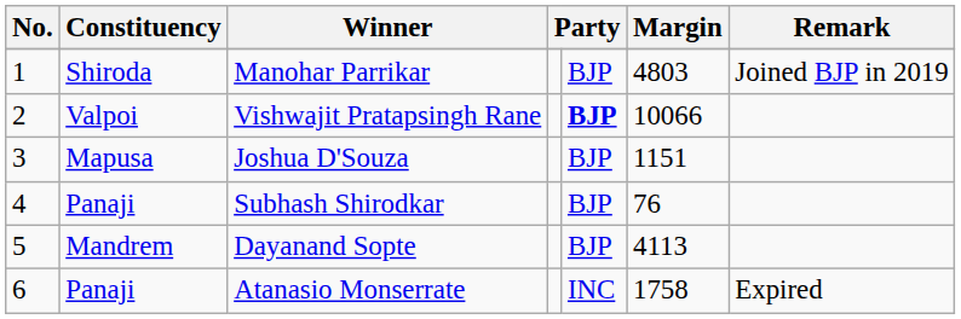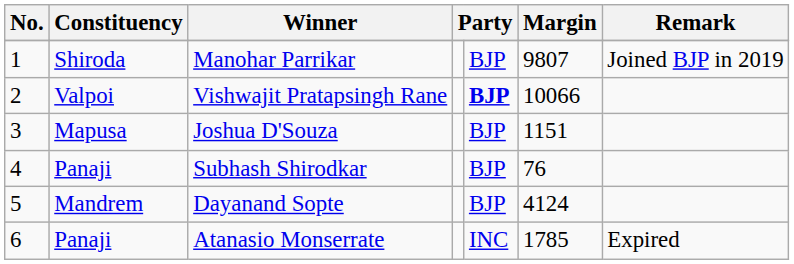 <table class="wikitable sortable" border="1">
 <tr>
 <th>No.</th>
 <th>Constituency</th>
 <th>Winner</th>
 <th colspan="2">Party</th>
 <th>Margin</th>
 <th>Remark</th>
 </tr>
 <tr>
 </tr>
 <tr>
 <td>1</td>
 <td><a href='#'>Shiroda</a></td>
 <td><a href='#'>Manohar Parrikar</a></td>
 <td style="color:inherit;background:"></td>
 <td><a href='#'>BJP</a></td>
-<td>4803</td>
+<td>9807</td>
 <td>Joined <a href='#'>BJP</a> in 2019</td>
 </tr>
 <tr>
 <td>2</td>
 <td><a href='#'>Valpoi</a></td>
 <td><a href='#'>Vishwajit Pratapsingh Rane</a></td>
 <td style="color:inherit;background:"></td>
 <td><strong><a href='#'>BJP</a></strong></td>
 <td>10066</td>
 <td></td>
 </tr>
 <tr>
 <td>3</td>
 <td><a href='#'>Mapusa</a></td>
 <td><a href='#'>Joshua D'Souza</a></td>
 <td style="color:inherit;background:"></td>
 <td><a href='#'>BJP</a></td>
 <td>1151</td>
 <td></td>
 </tr>
 <tr>
 <td>4</td>
 <td><a href='#'>Panaji</a></td>
 <td><a href='#'>Subhash Shirodkar</a></td>
 <td style="color:inherit;background:"></td>
 <td><a href='#'>BJP</a></td>
 <td>76</td>
 <td></td>
 </tr>
 <tr>
 <td>5</td>
 <td><a href='#'>Mandrem</a></td>
 <td><a href='#'>Dayanand Sopte</a></td>
 <td style="color:inherit;background:"></td>
 <td><a href='#'>BJP</a></td>
-<td>4113</td>
+<td>4124</td>
 <td></td>
 </tr>
 <tr>
 <td>6</td>
 <td><a href='#'>Panaji</a></td>
 <td><a href='#'>Atanasio Monserrate</a></td>
 <td style="color:inherit;background:"></td>
 <td><a href='#'>INC</a></td>
-<td>1758</td>
+<td>1785</td>
 <td>Expired</td>
 </tr>
 </table>
